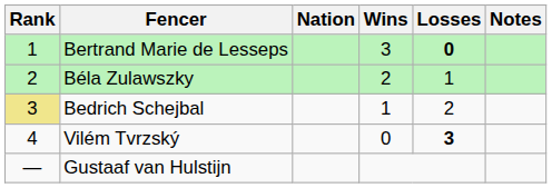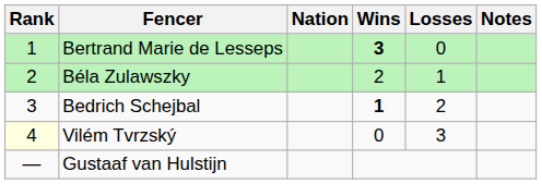 <table class="wikitable sortable" style="text-align:center">
 <tr>
 <th>Rank</th>
 <th>Fencer</th>
 <th>Nation</th>
 <th>Wins</th>
 <th>Losses</th>
 <th>Notes</th>
 </tr>
 <tr bgcolor=bbf3bb>
 <td>1</td>
 <td align=left>Bertrand Marie de Lesseps</td>
 <td align=left></td>
-<td>3</td>
-<td><strong>0</strong></td>
+<td><strong>3</strong></td>
+<td>0</td>
 <td></td>
 </tr>
 <tr bgcolor=bbf3bb>
 <td>2</td>
 <td align=left>Béla Zulawszky</td>
 <td align=left></td>
 <td>2</td>
 <td>1</td>
 <td></td>
 </tr>
 <tr>
-<td style="background: khaki;">3</td>
+<td>3</td>
 <td align=left>Bedrich Schejbal</td>
 <td align=left></td>
-<td>1</td>
+<td><strong>1</strong></td>
 <td>2</td>
 <td></td>
 </tr>
 <tr>
-<td>4</td>
+<td style="background: lightyellow;">4</td>
 <td align=left>Vilém Tvrzský</td>
 <td align=left></td>
 <td>0</td>
-<td><strong>3</strong></td>
+<td>3</td>
 <td></td>
 </tr>
 <tr>
 <td data-sort-value=5>—</td>
 <td align=left>Gustaaf van Hulstijn</td>
 <td align=left></td>
 <td colspan=2></td>
 <td></td>
 </tr>
 </table>
